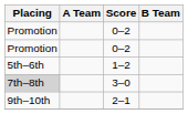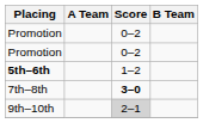 <table class=wikitable style="border:1px solid #AAAAAA;">
 <tr>
 <th>Placing</th>
 <th>A Team</th>
 <th>Score</th>
 <th>B Team</th>
 </tr>
 <tr>
 <td>Promotion</td>
 <td></td>
 <td align="center">0–2</td>
 <td><strong></strong></td>
 </tr>
 <tr>
 <td>Promotion</td>
 <td></td>
 <td align="center">0–2</td>
 <td><strong></strong></td>
 </tr>
 <tr>
-<td>5th–6th</td>
+<td><strong>5th–6th</strong></td>
 <td></td>
 <td align="center">1–2</td>
 <td></td>
 </tr>
 <tr>
-<td style="background: lightgrey;">7th–8th</td>
+<td>7th–8th</td>
 <td></td>
-<td align="center">3–0</td>
+<td align="center"><strong>3–0</strong></td>
 <td></td>
 </tr>
 <tr>
 <td>9th–10th</td>
 <td></td>
-<td align="center">2–1</td>
+<td align="center" style="background: lightgrey;">2–1</td>
 <td></td>
 </tr>
 <tr>
 </tr>
 </table>
